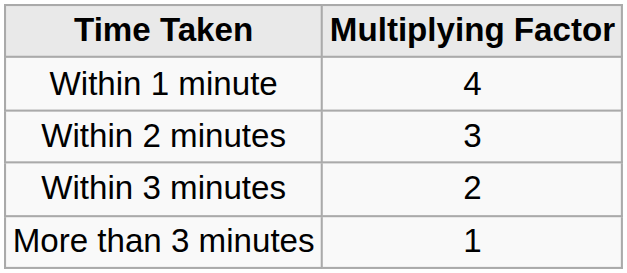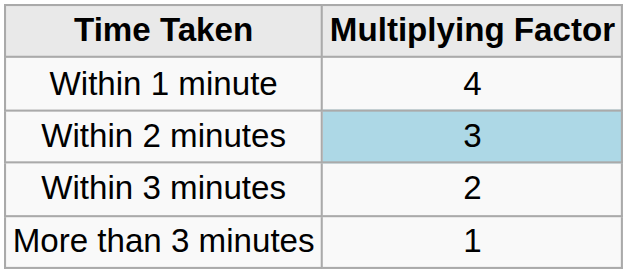 <table class="wikitable">
 <tr>
 <th style="background-color:#E9E9E9" align=central>Time Taken</th>
 <th style="background-color:#E9E9E9" align=central>Multiplying Factor</th>
 </tr>
 <tr>
 <td align="center">Within 1 minute</td>
 <td align="center">4</td>
 </tr>
 <tr>
 <td align="center">Within 2 minutes</td>
-<td align="center">3</td>
+<td align="center" style="background: lightblue;">3</td>
 </tr>
 <tr>
 <td align="center">Within 3 minutes</td>
 <td align="center">2</td>
 </tr>
 <tr>
 <td align="center">More than 3 minutes</td>
 <td align="center">1</td>
 </tr>
 </table>
